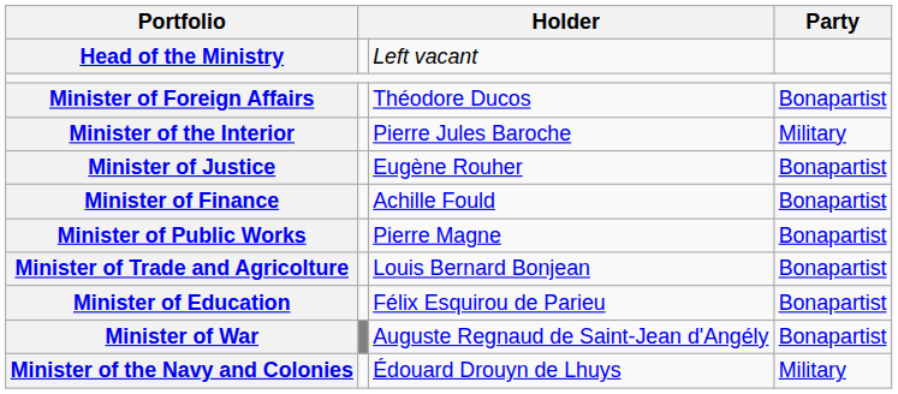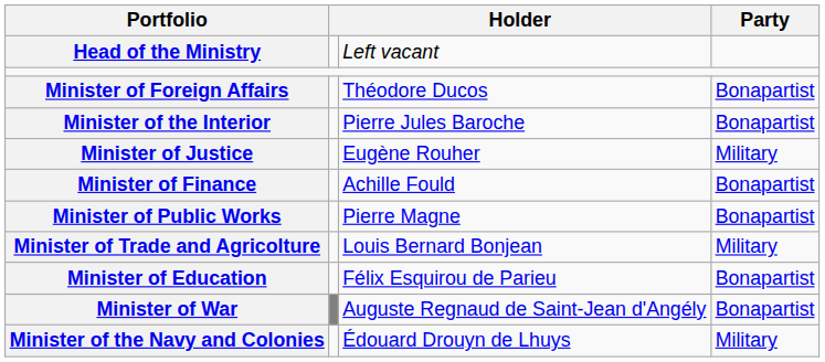 <table class="wikitable">
 <tr>
 <th>Portfolio</th>
 <th colspan=2>Holder</th>
 <th>Party</th>
 </tr>
 <tr>
 <th><a href='#'>Head of the Ministry</a></th>
 <td style="background:;"></td>
 <td><em>Left vacant</em></td>
 <td></td>
 </tr>
 <tr>
 <td colspan=4></td>
 </tr>
 <tr>
 <th><a href='#'>Minister of Foreign Affairs</a></th>
 <td style="background:"></td>
 <td><a href='#'>Théodore Ducos</a></td>
 <td><a href='#'>Bonapartist</a></td>
 </tr>
 <tr>
 <th><a href='#'>Minister of the Interior</a></th>
 <td style="background:"></td>
 <td><a href='#'>Pierre Jules Baroche</a></td>
-<td><a href='#'>Military</a></td>
+<td><a href='#'>Bonapartist</a></td>
 </tr>
 <tr>
 <th><a href='#'>Minister of Justice</a></th>
 <td style="background:"></td>
 <td><a href='#'>Eugène Rouher</a></td>
-<td><a href='#'>Bonapartist</a></td>
+<td><a href='#'>Military</a></td>
 </tr>
 <tr>
 <th><a href='#'>Minister of Finance</a></th>
 <td style="background:"></td>
 <td><a href='#'>Achille Fould</a></td>
 <td><a href='#'>Bonapartist</a></td>
 </tr>
 <tr>
 <th><a href='#'>Minister of Public Works</a></th>
 <td style="background:"></td>
 <td><a href='#'>Pierre Magne</a></td>
 <td><a href='#'>Bonapartist</a></td>
 </tr>
 <tr>
 <th><a href='#'>Minister of Trade and Agricolture</a></th>
 <td style="background:"></td>
 <td><a href='#'>Louis Bernard Bonjean</a></td>
-<td><a href='#'>Bonapartist</a></td>
+<td><a href='#'>Military</a></td>
 </tr>
 <tr>
 <th><a href='#'>Minister of Education</a></th>
 <td style="background:"></td>
 <td><a href='#'>Félix Esquirou de Parieu</a></td>
 <td><a href='#'>Bonapartist</a></td>
 </tr>
 <tr>
 <th><a href='#'>Minister of War</a></th>
 <td style="background:#808080;"></td>
 <td><a href='#'>Auguste Regnaud de Saint-Jean d'Angély</a></td>
 <td><a href='#'>Bonapartist</a></td>
 </tr>
 <tr>
 <th><a href='#'>Minister of the Navy and Colonies</a></th>
 <td style="background:"></td>
 <td><a href='#'>Édouard Drouyn de Lhuys</a></td>
 <td><a href='#'>Military</a></td>
 </tr>
 </table>
